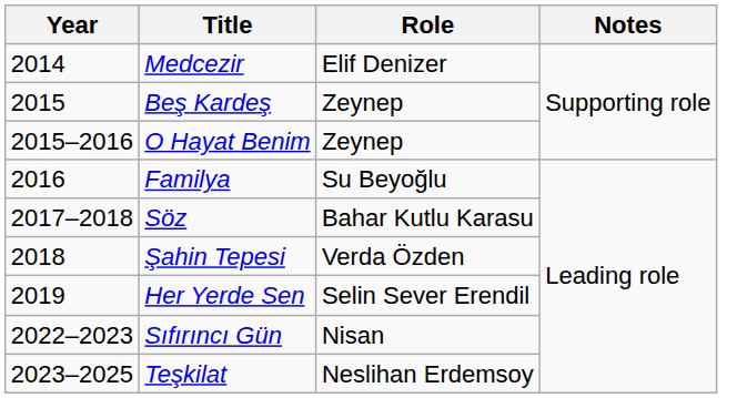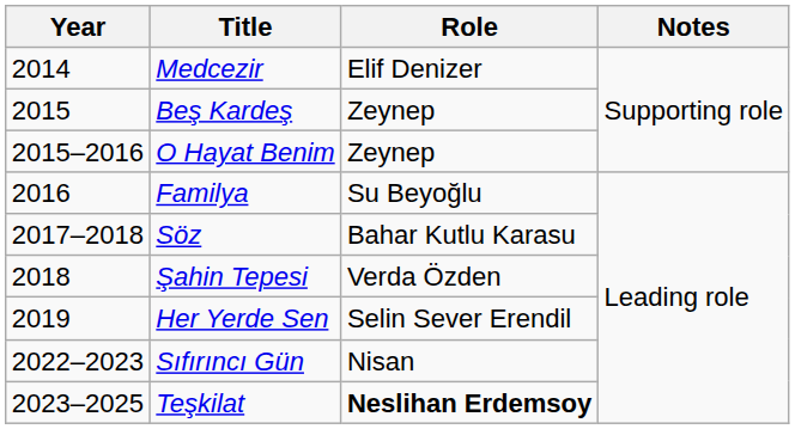 <table class="wikitable" style="font-size: 95%;">
 <tr>
 <th>Year</th>
 <th>Title</th>
 <th>Role</th>
 <th>Notes</th>
 </tr>
 <tr>
 <td>2014</td>
 <td><em><a href='#'>Medcezir</a></em></td>
 <td>Elif Denizer</td>
 <td rowspan="3">Supporting role</td>
 </tr>
 <tr>
 <td>2015</td>
 <td><em><a href='#'>Beş Kardeş</a></em></td>
 <td>Zeynep</td>
 </tr>
 <tr>
 <td>2015–2016</td>
 <td><em><a href='#'>O Hayat Benim</a></em></td>
 <td>Zeynep</td>
 </tr>
 <tr>
 <td>2016</td>
 <td><em><a href='#'>Familya</a></em></td>
 <td>Su Beyoğlu</td>
 <td rowspan="6">Leading role</td>
 </tr>
 <tr>
 <td>2017–2018</td>
 <td><em><a href='#'>Söz</a></em></td>
 <td>Bahar Kutlu Karasu</td>
 </tr>
 <tr>
 <td>2018</td>
 <td><em><a href='#'>Şahin Tepesi</a></em></td>
 <td>Verda Özden</td>
 </tr>
 <tr>
 <td>2019</td>
 <td><em><a href='#'>Her Yerde Sen</a></em></td>
 <td>Selin Sever Erendil</td>
 </tr>
 <tr>
 <td>2022–2023</td>
 <td><em><a href='#'>Sıfırıncı Gün</a></em></td>
 <td>Nisan</td>
 </tr>
 <tr>
 <td>2023–2025</td>
 <td><em><a href='#'>Teşkilat</a></em></td>
-<td>Neslihan Erdemsoy</td>
+<td><strong>Neslihan Erdemsoy</strong></td>
 </tr>
 </table>
